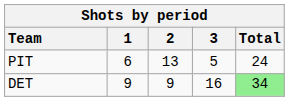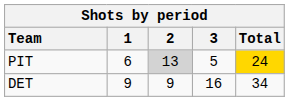 <table class="wikitable" style="width:20em">
 <tr>
 <th colspan="6">Shots by period</th>
 </tr>
 <tr>
 <th style="width:8em; text-align:left;">Team</th>
 <th style="width:3em;">1</th>
 <th style="width:3em;">2</th>
 <th style="width:3em;">3</th>
 <th style="width:3em;">Total</th>
 </tr>
 <tr style="text-align:center;">
 <td align="left">PIT</td>
 <td>6</td>
-<td>13</td>
+<td style="background: lightgrey;">13</td>
 <td>5</td>
-<td>24</td>
+<td style="background: gold;">24</td>
 </tr>
 <tr style="text-align:center;">
 <td align="left">DET</td>
 <td>9</td>
 <td>9</td>
 <td>16</td>
-<td style="background: lightgreen;">34</td>
+<td>34</td>
 </tr>
 </table>
